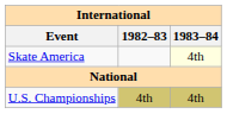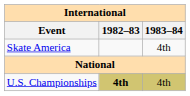 <table class="wikitable" style="text-align:center">
 <tr>
 <th style="background-color: #ffdead; " colspan=3 align=center>International</th>
 </tr>
 <tr>
 <th>Event</th>
 <th>1982–83</th>
 <th>1983–84</th>
 </tr>
 <tr>
 <td align=left><a href='#'>Skate America</a></td>
 <td></td>
-<td style="background: lightyellow;">4th</td>
+<td>4th</td>
 </tr>
 <tr>
 <th style="background-color: #ffdead; " colspan=5 align=center>National</th>
 </tr>
 <tr>
 <td align=left><a href='#'>U.S. Championships</a></td>
-<td bgcolor=d1c571>4th</td>
+<td bgcolor=d1c571><strong>4th</strong></td>
 <td bgcolor=d1c571>4th</td>
 </tr>
 </table>
